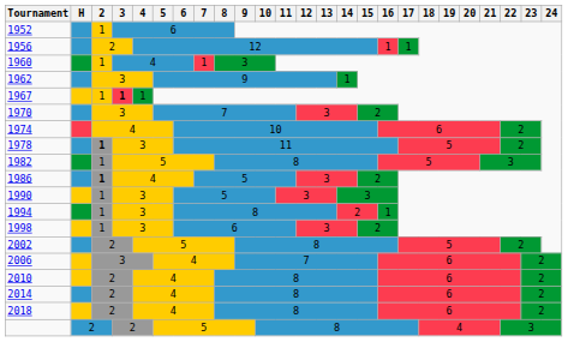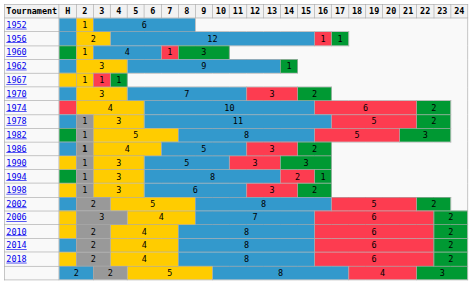 <table class=wikitable style="text-align:center">
 <tr>
 <th>Tournament</th>
 <th width=20px>H</th>
 <th width=20px>2</th>
 <th width=20px>3</th>
 <th width=20px>4</th>
 <th width=20px>5</th>
 <th width=20px>6</th>
 <th width=20px>7</th>
 <th width=20px>8</th>
 <th width=20px>9</th>
 <th width=20px>10</th>
 <th width=20px>11</th>
 <th width=20px>12</th>
 <th width=20px>13</th>
 <th width=20px>14</th>
 <th width=20px>15</th>
 <th width=20px>16</th>
 <th width=20px>17</th>
 <th width=20px>18</th>
 <th width=20px>19</th>
 <th width=20px>20</th>
 <th width=20px>21</th>
 <th width=20px>22</th>
 <th width=20px>23</th>
 <th width=20px>24</th>
 </tr>
 <tr>
 <td align=left> <a href='#'>1952</a></td>
 <td bgcolor=#3399cc></td>
 <td colspan=1 bgcolor=#ffcc00>1</td>
 <td colspan=6 bgcolor=#3399cc>6</td>
 </tr>
 <tr>
 <td align=left> <a href='#'>1956</a></td>
 <td bgcolor=#3399cc></td>
 <td colspan=2 bgcolor=#ffcc00>2</td>
 <td colspan=12 bgcolor=#3399cc>12</td>
 <td colspan=1 bgcolor=#fd3c50>1</td>
 <td colspan=1 bgcolor=#009933>1</td>
 </tr>
 <tr>
 <td align=left> <a href='#'>1960</a></td>
 <td bgcolor=#009933></td>
 <td colspan=1 bgcolor=#ffcc00>1</td>
 <td colspan=4 bgcolor=#3399cc>4</td>
 <td colspan=1 bgcolor=#fd3c50>1</td>
 <td colspan=3 bgcolor=#009933>3</td>
 </tr>
 <tr>
 <td align=left> <a href='#'>1962</a></td>
 <td bgcolor=#3399cc></td>
 <td colspan=3 bgcolor=#ffcc00>3</td>
 <td colspan=9 bgcolor=#3399cc>9</td>
 <td colspan=1 bgcolor=#009933>1</td>
 </tr>
 <tr>
 <td align=left> <a href='#'>1967</a></td>
 <td bgcolor=#ffcc00></td>
 <td colspan=1 bgcolor=#ffcc00>1</td>
-<td colspan=1 bgcolor=#fd3c50><strong>1</strong></td>
+<td colspan=1 bgcolor=#fd3c50>1</td>
 <td colspan=1 bgcolor=#009933>1</td>
 </tr>
 <tr>
 <td align=left> <a href='#'>1970</a></td>
 <td bgcolor=#3399cc></td>
 <td colspan=3 bgcolor=#ffcc00>3</td>
 <td colspan=7 bgcolor=#3399cc>7</td>
 <td colspan=3 bgcolor=#fd3c50>3</td>
 <td colspan=2 bgcolor=#009933>2</td>
 </tr>
 <tr>
 <td align=left> <a href='#'>1974</a></td>
 <td bgcolor=fd3c50></td>
 <td colspan=4 bgcolor=#ffcc00>4</td>
 <td colspan=10 bgcolor=#3399cc>10</td>
 <td colspan=6 bgcolor=#fd3c50>6</td>
 <td colspan=2 bgcolor=#009933>2</td>
 </tr>
 <tr>
 <td align=left> <a href='#'>1978</a></td>
 <td bgcolor=#3399cc></td>
-<td colspan=1 bgcolor=#999999><strong>1</strong></td>
+<td colspan=1 bgcolor=#999999>1</td>
 <td colspan=3 bgcolor=#ffcc00>3</td>
 <td colspan=11 bgcolor=#3399cc>11</td>
 <td colspan=5 bgcolor=#fd3c50>5</td>
 <td colspan=2 bgcolor=#009933>2</td>
 </tr>
 <tr>
 <td align=left> <a href='#'>1982</a></td>
 <td bgcolor=#009933></td>
 <td colspan=1 bgcolor=#999999>1</td>
 <td colspan=5 bgcolor=#ffcc00>5</td>
 <td colspan=8 bgcolor=#3399cc>8</td>
 <td colspan=5 bgcolor=#fd3c50>5</td>
 <td colspan=3 bgcolor=#009933>3</td>
 </tr>
 <tr>
 <td align=left> <a href='#'>1986</a></td>
 <td bgcolor=#3399cc></td>
 <td colspan=1 bgcolor=#999999><strong>1</strong></td>
 <td colspan=4 bgcolor=#ffcc00>4</td>
 <td colspan=5 bgcolor=#3399cc>5</td>
 <td colspan=3 bgcolor=#fd3c50>3</td>
 <td colspan=2 bgcolor=#009933>2</td>
 </tr>
 <tr>
 <td align=left> <a href='#'>1990</a></td>
 <td bgcolor=#ffcc00></td>
 <td colspan=1 bgcolor=#999999>1</td>
 <td colspan=3 bgcolor=#ffcc00>3</td>
 <td colspan=5 bgcolor=#3399cc>5</td>
 <td colspan=3 bgcolor=#fd3c50>3</td>
 <td colspan=3 bgcolor=#009933>3</td>
 </tr>
 <tr>
 <td align=left> <a href='#'>1994</a></td>
 <td bgcolor=#009933></td>
 <td colspan=1 bgcolor=#999999>1</td>
 <td colspan=3 bgcolor=#ffcc00>3</td>
 <td colspan=8 bgcolor=#3399cc>8</td>
 <td colspan=2 bgcolor=#fd3c50>2</td>
 <td colspan=1 bgcolor=#009933>1</td>
 </tr>
 <tr>
 <td align=left> <a href='#'>1998</a></td>
 <td bgcolor=#ffcc00></td>
 <td colspan=1 bgcolor=#999999>1</td>
 <td colspan=3 bgcolor=#ffcc00>3</td>
 <td colspan=6 bgcolor=#3399cc>6</td>
 <td colspan=3 bgcolor=#fd3c50>3</td>
 <td colspan=2 bgcolor=#009933>2</td>
 </tr>
 <tr>
 <td align=left> <a href='#'>2002</a></td>
 <td bgcolor=#3399cc></td>
 <td colspan=2 bgcolor=#999999>2</td>
 <td colspan=5 bgcolor=#ffcc00>5</td>
 <td colspan=8 bgcolor=#3399cc>8</td>
 <td colspan=5 bgcolor=#fd3c50>5</td>
 <td colspan=2 bgcolor=#009933>2</td>
 </tr>
 <tr>
 <td align=left> <a href='#'>2006</a></td>
 <td bgcolor=#ffcc00></td>
 <td colspan=3 bgcolor=#999999>3</td>
 <td colspan=4 bgcolor=#ffcc00>4</td>
 <td colspan=7 bgcolor=#3399cc>7</td>
 <td colspan=7 bgcolor=#fd3c50>6</td>
 <td colspan=2 bgcolor=#009933>2</td>
 </tr>
 <tr>
 <td align=left> <a href='#'>2010</a></td>
 <td bgcolor=#ffcc00></td>
 <td colspan=2 bgcolor=#999999>2</td>
 <td colspan=4 bgcolor=#ffcc00>4</td>
 <td colspan=8 bgcolor=#3399cc>8</td>
 <td colspan=7 bgcolor=#fd3c50>6</td>
 <td colspan=2 bgcolor=#009933>2</td>
 </tr>
 <tr>
 <td align=left> <a href='#'>2014</a></td>
 <td bgcolor=#3399cc></td>
 <td colspan=2 bgcolor=#999999>2</td>
 <td colspan=4 bgcolor=#ffcc00>4</td>
 <td colspan=8 bgcolor=#3399cc>8</td>
 <td colspan=7 bgcolor=#fd3c50>6</td>
 <td colspan=2 bgcolor=#009933>2</td>
 </tr>
 <tr>
 <td align=left> <a href='#'>2018</a></td>
 <td bgcolor=#ffcc00></td>
 <td colspan=2 bgcolor=#999999>2</td>
 <td colspan=4 bgcolor=#ffcc00>4</td>
 <td colspan=8 bgcolor=#3399cc>8</td>
 <td colspan=7 bgcolor=#fd3c50>6</td>
 <td colspan=2 bgcolor=#009933>2</td>
 </tr>
 <tr>
 <td align=left></td>
 <td colspan=2 bgcolor=#3399cc>2</td>
 <td colspan=2 bgcolor=#999999>2</td>
 <td colspan=5 bgcolor=#ffcc00>5</td>
 <td colspan=8 bgcolor=#3399cc>8</td>
 <td colspan=4 bgcolor=#fd3c50>4</td>
 <td colspan=3 bgcolor=#009933>3</td>
 </tr>
 </table>
